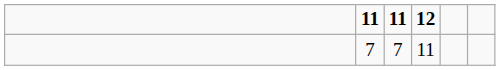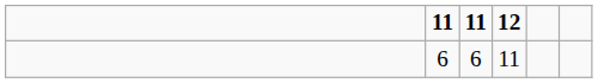 <table class="wikitable">
 <tr>
 <td style="width:18em"><strong></strong></td>
 <td align=center style="width:1em"><strong>11</strong></td>
 <td align=center style="width:1em"><strong>11</strong></td>
 <td align=center style="width:1em"><strong>12</strong></td>
 <td align=center style="width:1em"></td>
 <td align=center style="width:1em"></td>
 </tr>
 <tr>
 <td style="width:18em"></td>
-<td align=center style="width:1em">7</td>
-<td align=center style="width:1em">7</td>
+<td align=center style="width:1em">6</td>
+<td align=center style="width:1em">6</td>
 <td align=center style="width:1em">11</td>
 <td align=center style="width:1em"></td>
 <td align=center style="width:1em"></td>
 </tr>
 </table>
